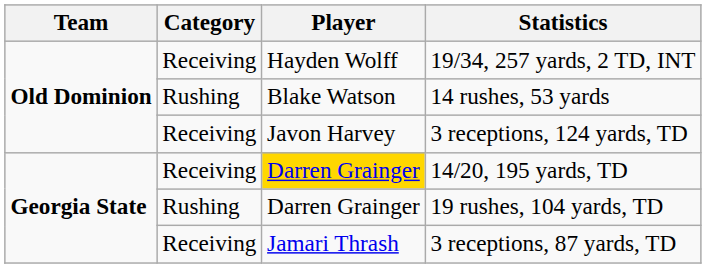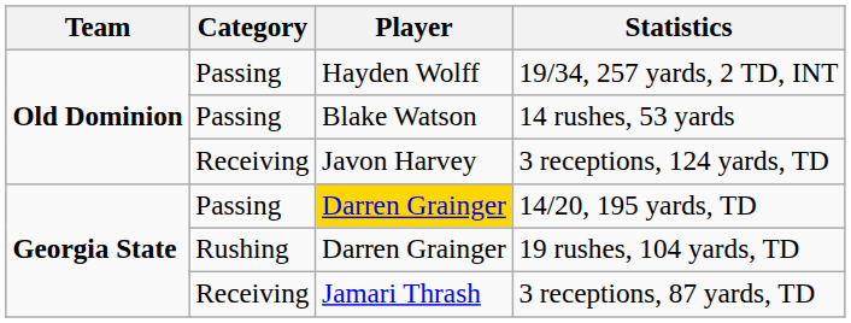 <table class="wikitable" style="float: right;">
 <tr>
 <th>Team</th>
 <th>Category</th>
 <th>Player</th>
 <th>Statistics</th>
 </tr>
 <tr>
 <td rowspan=3><strong>Old Dominion</strong></td>
-<td>Receiving</td>
+<td>Passing</td>
 <td>Hayden Wolff</td>
 <td>19/34, 257 yards, 2 TD, INT</td>
 </tr>
 <tr>
-<td>Rushing</td>
+<td>Passing</td>
 <td>Blake Watson</td>
 <td>14 rushes, 53 yards</td>
 </tr>
 <tr>
 <td>Receiving</td>
 <td>Javon Harvey</td>
 <td>3 receptions, 124 yards, TD</td>
 </tr>
 <tr>
 <td rowspan=3><strong>Georgia State</strong></td>
-<td>Receiving</td>
+<td>Passing</td>
 <td style="background: gold;"><a href='#'>Darren Grainger</a></td>
 <td>14/20, 195 yards, TD</td>
 </tr>
 <tr>
 <td>Rushing</td>
 <td>Darren Grainger</td>
 <td>19 rushes, 104 yards, TD</td>
 </tr>
 <tr>
 <td>Receiving</td>
 <td><a href='#'>Jamari Thrash</a></td>
 <td>3 receptions, 87 yards, TD</td>
 </tr>
 </table>
